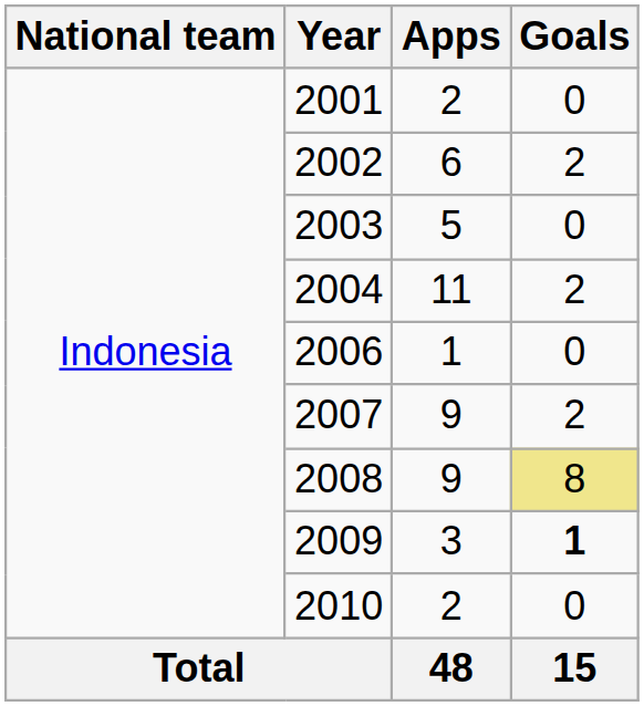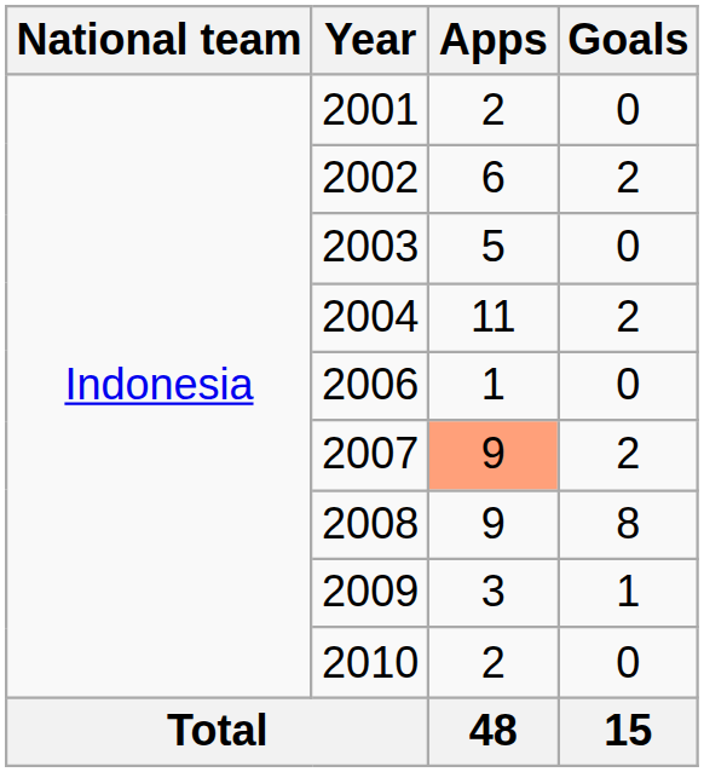 <table class="wikitable" style="text-align:center">
 <tr>
 <th>National team</th>
 <th>Year</th>
 <th>Apps</th>
 <th>Goals</th>
 </tr>
 <tr>
 <td rowspan="9"><a href='#'>Indonesia</a></td>
 <td>2001</td>
 <td>2</td>
 <td>0</td>
 </tr>
 <tr>
 <td>2002</td>
 <td>6</td>
 <td>2</td>
 </tr>
 <tr>
 <td>2003</td>
 <td>5</td>
 <td>0</td>
 </tr>
 <tr>
 <td>2004</td>
 <td>11</td>
 <td>2</td>
 </tr>
 <tr>
 <td>2006</td>
 <td>1</td>
 <td>0</td>
 </tr>
 <tr>
 <td>2007</td>
-<td>9</td>
+<td style="background: lightsalmon;">9</td>
 <td>2</td>
 </tr>
 <tr>
 <td>2008</td>
 <td>9</td>
-<td style="background: khaki;">8</td>
+<td>8</td>
 </tr>
 <tr>
 <td>2009</td>
 <td>3</td>
-<td><strong>1</strong></td>
+<td>1</td>
 </tr>
 <tr>
 <td>2010</td>
 <td>2</td>
 <td>0</td>
 </tr>
 <tr>
 <th colspan="2">Total</th>
 <th>48</th>
 <th>15</th>
 </tr>
 </table>
